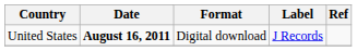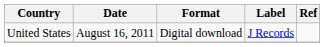 <table class="wikitable">
 <tr>
 <th>Country</th>
 <th>Date</th>
 <th>Format</th>
 <th>Label</th>
 <th>Ref</th>
 </tr>
 <tr>
 <td>United States</td>
-<td rowspan="1"><strong>August 16, 2011</strong></td>
+<td rowspan="1">August 16, 2011</td>
 <td rowspan="1">Digital download</td>
 <td rowspan="1"><a href='#'>J Records</a></td>
 <td></td>
 </tr>
 <tr>
 </tr>
 </table>
